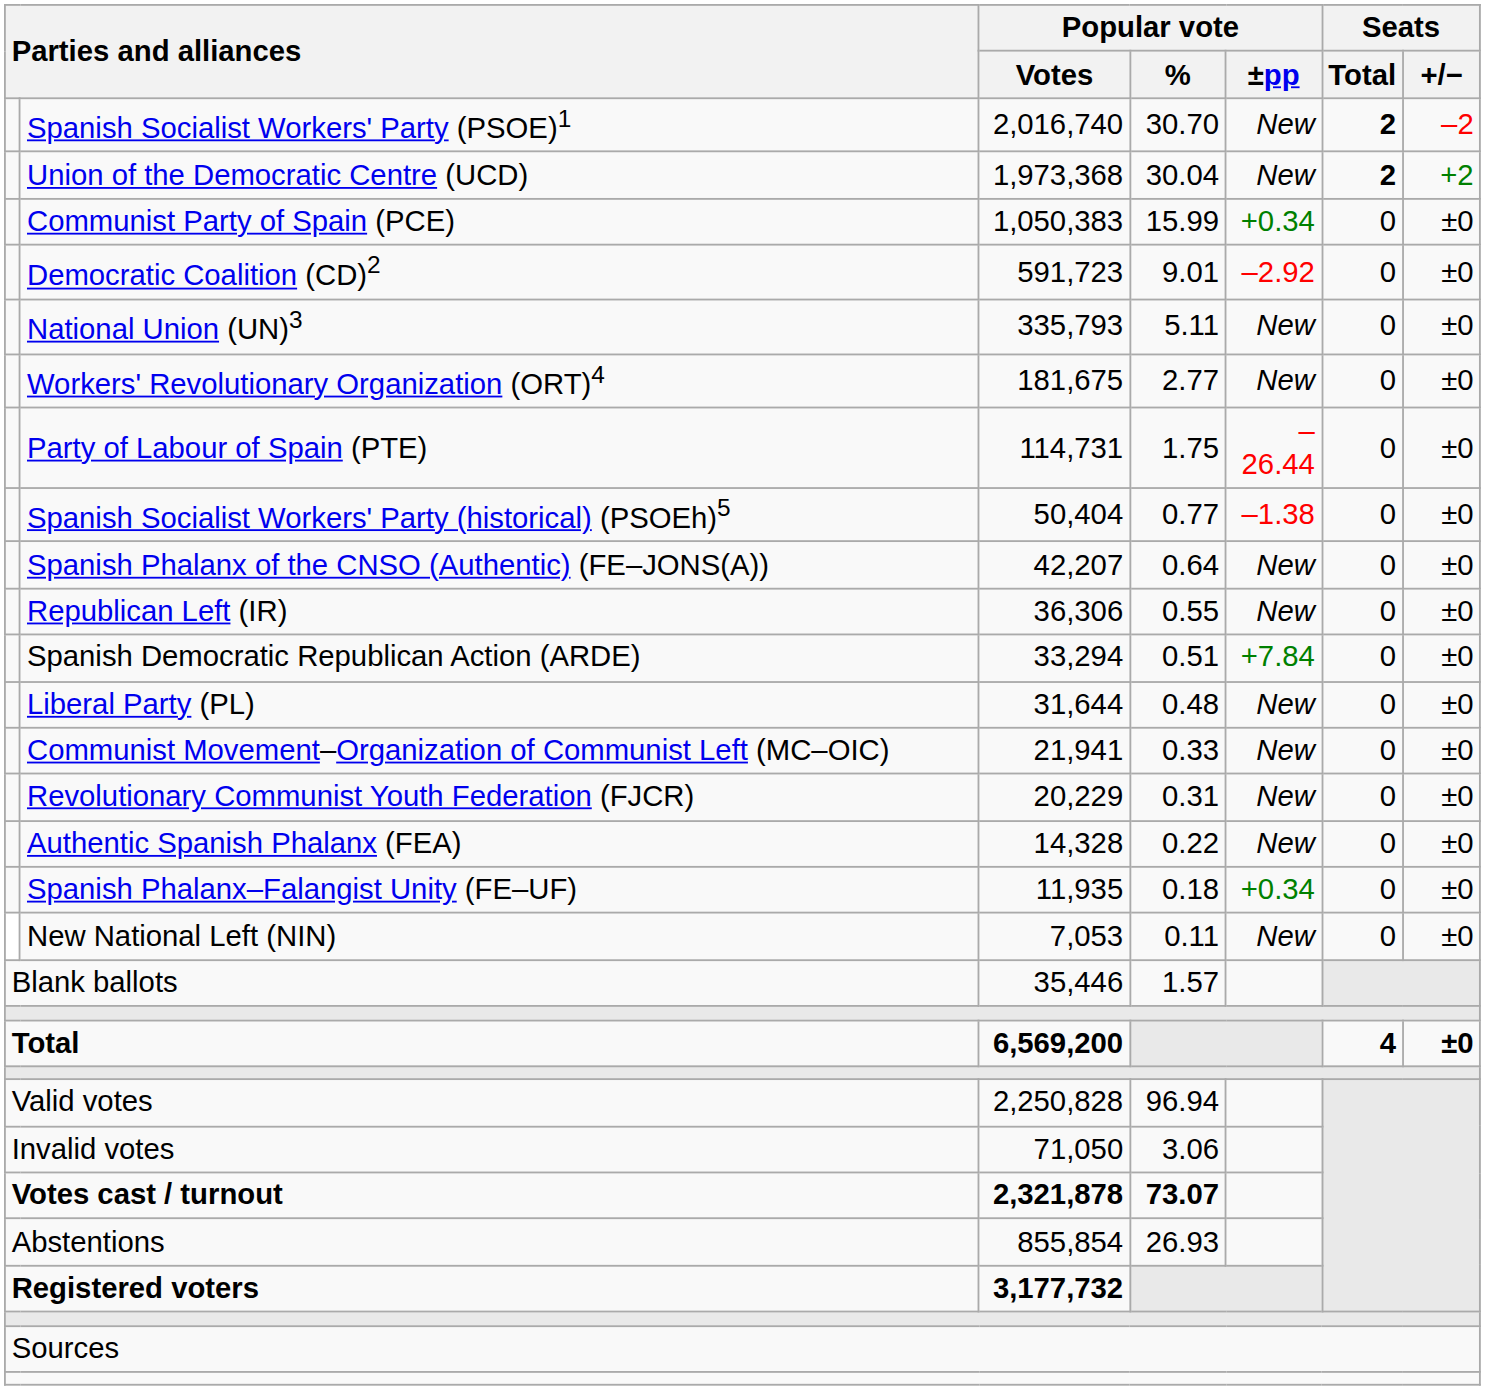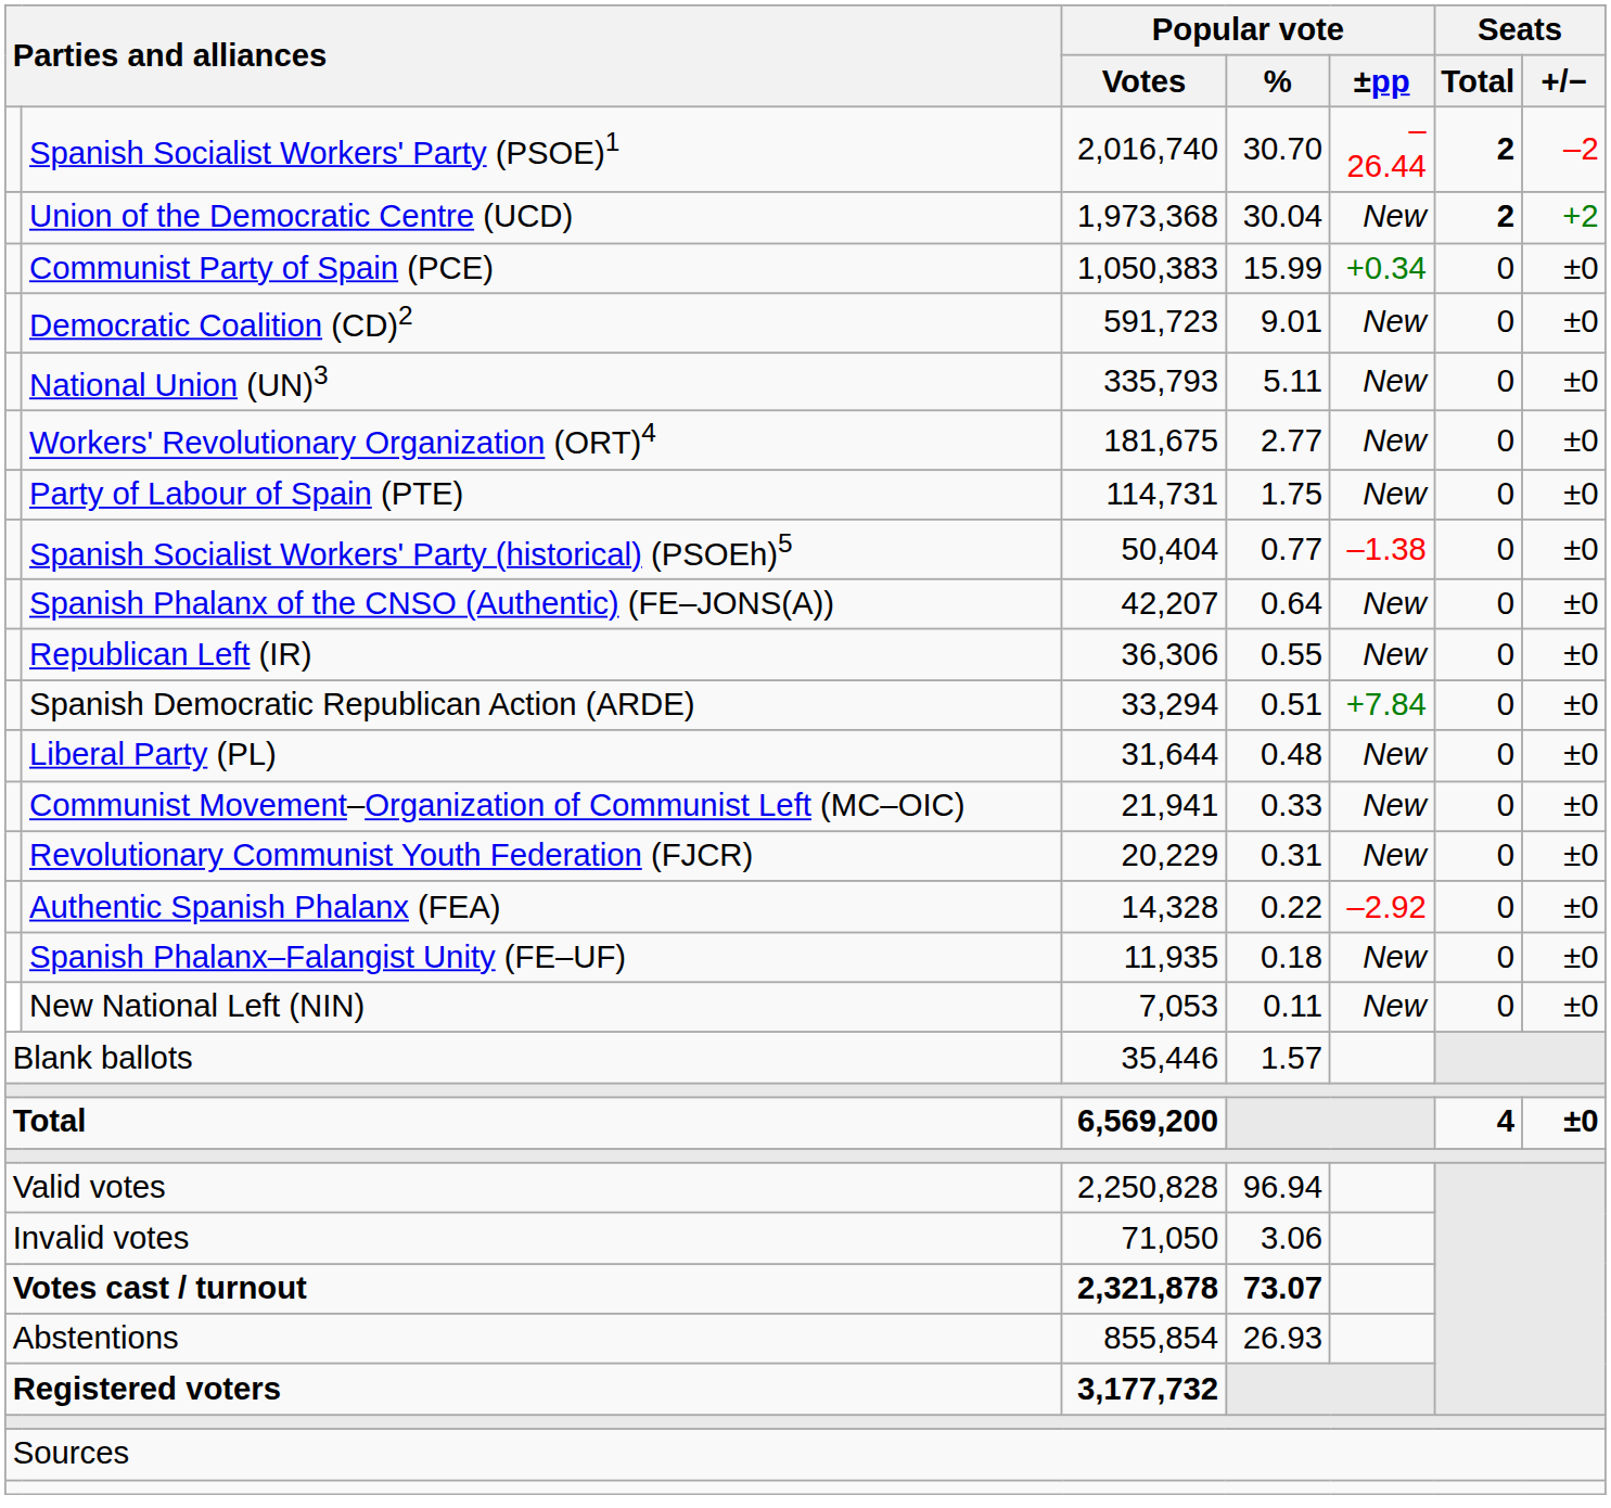 <table class="wikitable" style="text-align:right;">
 <tr>
 <th style="text-align:left;" rowspan="2" colspan="2" width="525">Parties and alliances</th>
 <th colspan="3">Popular vote</th>
 <th colspan="2">Seats</th>
 </tr>
 <tr>
 <th width="75">Votes</th>
 <th width="45">%</th>
 <th width="45">±<a href='#'>pp</a></th>
 <th width="35">Total</th>
 <th width="35">+/−</th>
 </tr>
 <tr>
 <td width="1" style="color:inherit;background:"></td>
 <td align="left"><a href='#'>Spanish Socialist Workers' Party</a> (PSOE)<sup>1</sup></td>
 <td>2,016,740</td>
 <td>30.70</td>
-<td><em>New</em></td>
+<td style="color:red;">–26.44</td>
 <td><strong>2</strong></td>
 <td style="color:red;">–2</td>
 </tr>
 <tr>
 <td style="color:inherit;background:"></td>
 <td align="left"><a href='#'>Union of the Democratic Centre</a> (UCD)</td>
 <td>1,973,368</td>
 <td>30.04</td>
 <td><em>New</em></td>
 <td><strong>2</strong></td>
 <td style="color:green;">+2</td>
 </tr>
 <tr>
 <td style="color:inherit;background:"></td>
 <td align="left"><a href='#'>Communist Party of Spain</a> (PCE)</td>
 <td>1,050,383</td>
 <td>15.99</td>
 <td style="color:green;">+0.34</td>
 <td>0</td>
 <td>±0</td>
 </tr>
 <tr>
 <td style="color:inherit;background:"></td>
 <td align="left"><a href='#'>Democratic Coalition</a> (CD)<sup>2</sup></td>
 <td>591,723</td>
 <td>9.01</td>
-<td style="color:red;">–2.92</td>
+<td><em>New</em></td>
 <td>0</td>
 <td>±0</td>
 </tr>
 <tr>
 <td style="color:inherit;background:"></td>
 <td align="left"><a href='#'>National Union</a> (UN)<sup>3</sup></td>
 <td>335,793</td>
 <td>5.11</td>
 <td><em>New</em></td>
 <td>0</td>
 <td>±0</td>
 </tr>
 <tr>
 <td style="color:inherit;background:"></td>
 <td align="left"><a href='#'>Workers' Revolutionary Organization</a> (ORT)<sup>4</sup></td>
 <td>181,675</td>
 <td>2.77</td>
 <td><em>New</em></td>
 <td>0</td>
 <td>±0</td>
 </tr>
 <tr>
 <td style="color:inherit;background:"></td>
 <td align="left"><a href='#'>Party of Labour of Spain</a> (PTE)</td>
 <td>114,731</td>
 <td>1.75</td>
-<td style="color:red;">–26.44</td>
+<td><em>New</em></td>
 <td>0</td>
 <td>±0</td>
 </tr>
 <tr>
 <td style="color:inherit;background:"></td>
 <td align="left"><a href='#'>Spanish Socialist Workers' Party (historical)</a> (PSOEh)<sup>5</sup></td>
 <td>50,404</td>
 <td>0.77</td>
 <td style="color:red;">–1.38</td>
 <td>0</td>
 <td>±0</td>
 </tr>
 <tr>
 <td style="color:inherit;background:"></td>
 <td align="left"><a href='#'>Spanish Phalanx of the CNSO (Authentic)</a> (FE–JONS(A))</td>
 <td>42,207</td>
 <td>0.64</td>
 <td><em>New</em></td>
 <td>0</td>
 <td>±0</td>
 </tr>
 <tr>
 <td style="color:inherit;background:"></td>
 <td align="left"><a href='#'>Republican Left</a> (IR)</td>
 <td>36,306</td>
 <td>0.55</td>
 <td><em>New</em></td>
 <td>0</td>
 <td>±0</td>
 </tr>
 <tr>
 <td style="color:inherit;background:"></td>
 <td align="left">Spanish Democratic Republican Action (ARDE)</td>
 <td>33,294</td>
 <td>0.51</td>
 <td style="color:green;">+7.84</td>
 <td>0</td>
 <td>±0</td>
 </tr>
 <tr>
 <td style="color:inherit;background:"></td>
 <td align="left"><a href='#'>Liberal Party</a> (PL)</td>
 <td>31,644</td>
 <td>0.48</td>
 <td><em>New</em></td>
 <td>0</td>
 <td>±0</td>
 </tr>
 <tr>
 <td style="color:inherit;background:"></td>
 <td align="left"><a href='#'>Communist Movement</a>–<a href='#'>Organization of Communist Left</a> (MC–OIC)</td>
 <td>21,941</td>
 <td>0.33</td>
 <td><em>New</em></td>
 <td>0</td>
 <td>±0</td>
 </tr>
 <tr>
 <td style="color:inherit;background:"></td>
 <td align="left"><a href='#'>Revolutionary Communist Youth Federation</a> (FJCR)</td>
 <td>20,229</td>
 <td>0.31</td>
 <td><em>New</em></td>
 <td>0</td>
 <td>±0</td>
 </tr>
 <tr>
 <td style="color:inherit;background:"></td>
 <td align="left"><a href='#'>Authentic Spanish Phalanx</a> (FEA)</td>
 <td>14,328</td>
 <td>0.22</td>
-<td><em>New</em></td>
+<td style="color:red;">–2.92</td>
 <td>0</td>
 <td>±0</td>
 </tr>
 <tr>
 <td style="color:inherit;background:"></td>
 <td align="left"><a href='#'>Spanish Phalanx–Falangist Unity</a> (FE–UF)</td>
 <td>11,935</td>
 <td>0.18</td>
-<td style="color:green;">+0.34</td>
+<td><em>New</em></td>
 <td>0</td>
 <td>±0</td>
 </tr>
 <tr>
 <td bgcolor="white"></td>
 <td align="left">New National Left (NIN)</td>
 <td>7,053</td>
 <td>0.11</td>
 <td><em>New</em></td>
 <td>0</td>
 <td>±0</td>
 </tr>
 <tr>
 <td align="left" colspan="2">Blank ballots</td>
 <td>35,446</td>
 <td>1.57</td>
 <td></td>
 <td bgcolor="#E9E9E9" colspan="2"></td>
 </tr>
 <tr>
 <td colspan="7" bgcolor="#E9E9E9"></td>
 </tr>
 <tr style="font-weight:bold;">
 <td align="left" colspan="2">Total</td>
 <td>6,569,200</td>
 <td bgcolor="#E9E9E9" colspan="2"></td>
 <td>4</td>
 <td>±0</td>
 </tr>
 <tr>
 <td colspan="7" bgcolor="#E9E9E9"></td>
 </tr>
 <tr>
 <td align="left" colspan="2">Valid votes</td>
 <td>2,250,828</td>
 <td>96.94</td>
 <td></td>
 <td bgcolor="#E9E9E9" colspan="2" rowspan="5"></td>
 </tr>
 <tr>
 <td align="left" colspan="2">Invalid votes</td>
 <td>71,050</td>
 <td>3.06</td>
 <td></td>
 </tr>
 <tr style="font-weight:bold;">
 <td align="left" colspan="2">Votes cast / turnout</td>
 <td>2,321,878</td>
 <td>73.07</td>
 <td></td>
 </tr>
 <tr>
 <td align="left" colspan="2">Abstentions</td>
 <td>855,854</td>
 <td>26.93</td>
 <td></td>
 </tr>
 <tr style="font-weight:bold;">
 <td align="left" colspan="2">Registered voters</td>
 <td>3,177,732</td>
 <td bgcolor="#E9E9E9" colspan="2"></td>
 </tr>
 <tr>
 <td colspan="7" bgcolor="#E9E9E9"></td>
 </tr>
 <tr>
 <td align="left" colspan="7">Sources</td>
 </tr>
 <tr>
 <td colspan="7" style="text-align:left; max-width:790px;"></td>
 </tr>
 </table>
